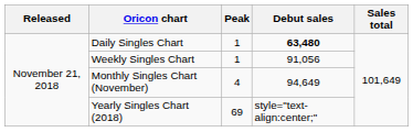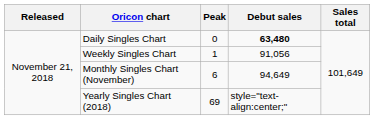 <table class="wikitable" style="width:600px;">
 <tr>
 <th style="text-align:center;">Released</th>
 <th style="text-align:center;"><a href='#'>Oricon</a> chart</th>
 <th style="text-align:center;">Peak</th>
 <th style="text-align:center;">Debut sales</th>
 <th style="text-align:center;">Sales total</th>
 </tr>
 <tr>
 <td style="text-align:center;" rowspan="4">November 21, 2018</td>
 <td align="left">Daily Singles Chart</td>
-<td style="text-align:center;">1</td>
+<td style="text-align:center;">0</td>
 <td style="text-align:center;"><strong>63,480</strong></td>
 <td style="text-align:center;" rowspan="4">101,649</td>
 </tr>
 <tr>
 <td align="left">Weekly Singles Chart</td>
 <td style="text-align:center;">1</td>
 <td style="text-align:center;">91,056</td>
 </tr>
 <tr>
 <td align="left">Monthly Singles Chart (November)</td>
-<td style="text-align:center;">4</td>
+<td style="text-align:center;">6</td>
 <td style="text-align:center;">94,649</td>
 </tr>
 <tr>
 <td align="left">Yearly Singles Chart (2018)</td>
 <td style="text-align:center;">69</td>
 <td>style="text-align:center;" </td>
 </tr>
 </table>
